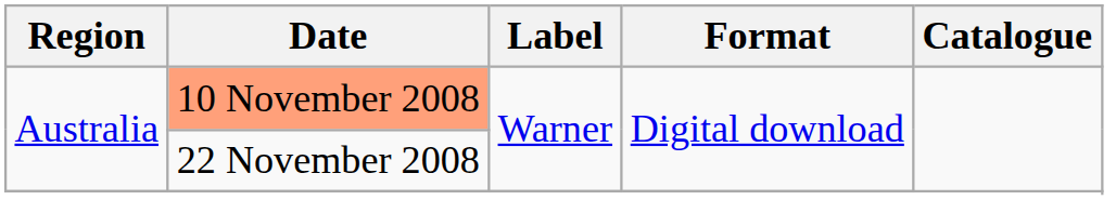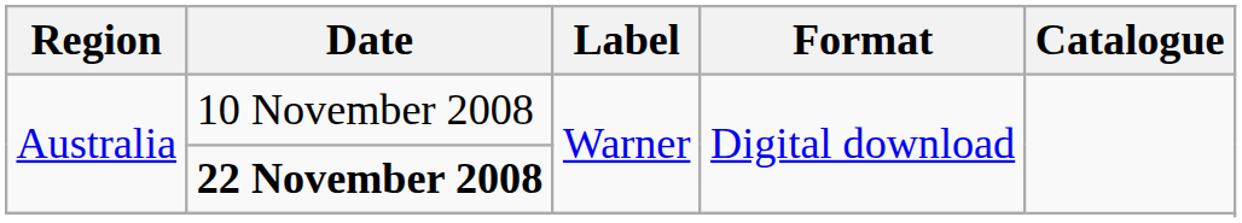 <table class="wikitable">
 <tr>
 <th>Region</th>
 <th>Date</th>
 <th>Label</th>
 <th>Format</th>
 <th>Catalogue</th>
 </tr>
 <tr>
 <td rowspan="2"><a href='#'>Australia</a></td>
-<td style="background: lightsalmon;">10 November 2008</td>
+<td>10 November 2008</td>
 <td rowspan="2"><a href='#'>Warner</a></td>
 <td rowspan="2"><a href='#'>Digital download</a></td>
 </tr>
 <tr>
-<td>22 November 2008</td>
+<td><strong>22 November 2008</strong></td>
 </tr>
 <tr>
 </tr>
 </table>
